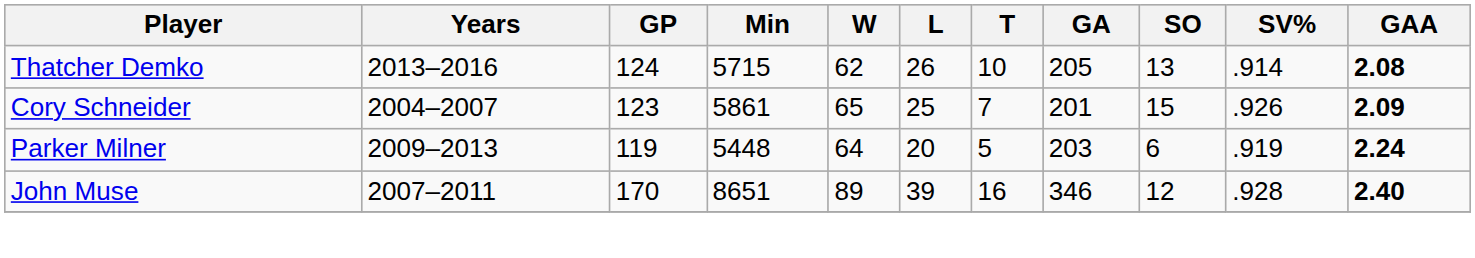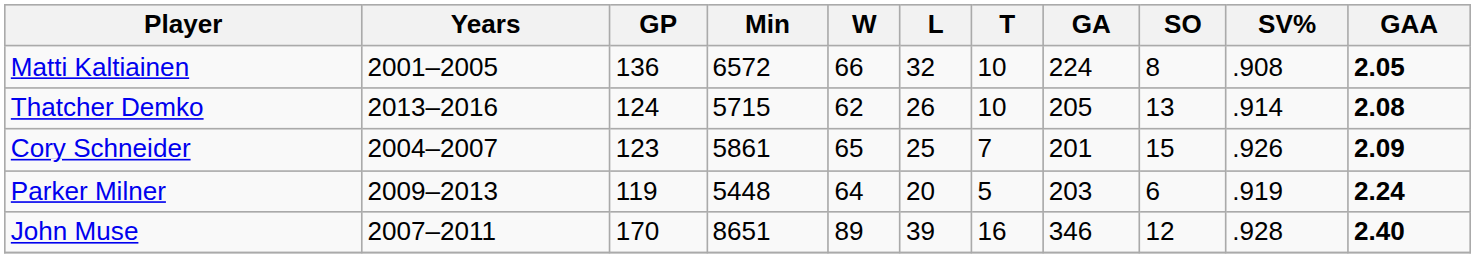 <table class="wikitable sortable" width ="900">
 <tr>
 <th>Player</th>
 <th>Years</th>
 <th>GP</th>
 <th>Min</th>
 <th>W</th>
 <th>L</th>
 <th>T</th>
 <th>GA</th>
 <th>SO</th>
 <th>SV%</th>
 <th>GAA</th>
+</tr>
+<tr>
+<td><a href='#'>Matti Kaltiainen</a></td>
+<td>2001–2005</td>
+<td>136</td>
+<td>6572</td>
+<td>66</td>
+<td>32</td>
+<td>10</td>
+<td>224</td>
+<td>8</td>
+<td>.908</td>
+<td><strong>2.05</strong></td>
 </tr>
 <tr>
 <td><a href='#'>Thatcher Demko</a></td>
 <td>2013–2016</td>
 <td>124</td>
 <td>5715</td>
 <td>62</td>
 <td>26</td>
 <td>10</td>
 <td>205</td>
 <td>13</td>
 <td>.914</td>
 <td><strong>2.08</strong></td>
 </tr>
 <tr>
 <td><a href='#'>Cory Schneider</a></td>
 <td>2004–2007</td>
 <td>123</td>
 <td>5861</td>
 <td>65</td>
 <td>25</td>
 <td>7</td>
 <td>201</td>
 <td>15</td>
 <td>.926</td>
 <td><strong>2.09</strong></td>
 </tr>
 <tr>
 <td><a href='#'>Parker Milner</a></td>
 <td>2009–2013</td>
 <td>119</td>
 <td>5448</td>
 <td>64</td>
 <td>20</td>
 <td>5</td>
 <td>203</td>
 <td>6</td>
 <td>.919</td>
 <td><strong>2.24</strong></td>
 </tr>
 <tr>
 <td><a href='#'>John Muse</a></td>
 <td>2007–2011</td>
 <td>170</td>
 <td>8651</td>
 <td>89</td>
 <td>39</td>
 <td>16</td>
 <td>346</td>
 <td>12</td>
 <td>.928</td>
 <td><strong>2.40</strong></td>
 </tr>
 <tr>
 </tr>
 </table>
